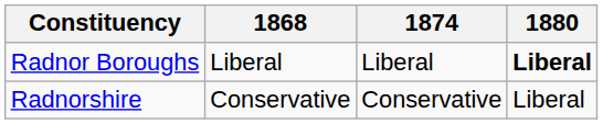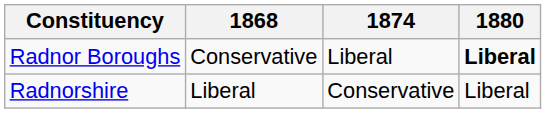 <table class="wikitable">
 <tr>
 <th>Constituency</th>
 <th>1868</th>
 <th>1874</th>
 <th>1880</th>
 </tr>
 <tr>
 <td><a href='#'>Radnor Boroughs</a></td>
-<td>Liberal</td>
+<td>Conservative</td>
 <td>Liberal</td>
 <td><strong>Liberal</strong></td>
 </tr>
 <tr>
 <td><a href='#'>Radnorshire</a></td>
-<td>Conservative</td>
+<td>Liberal</td>
 <td>Conservative</td>
 <td>Liberal</td>
 </tr>
 </table>
